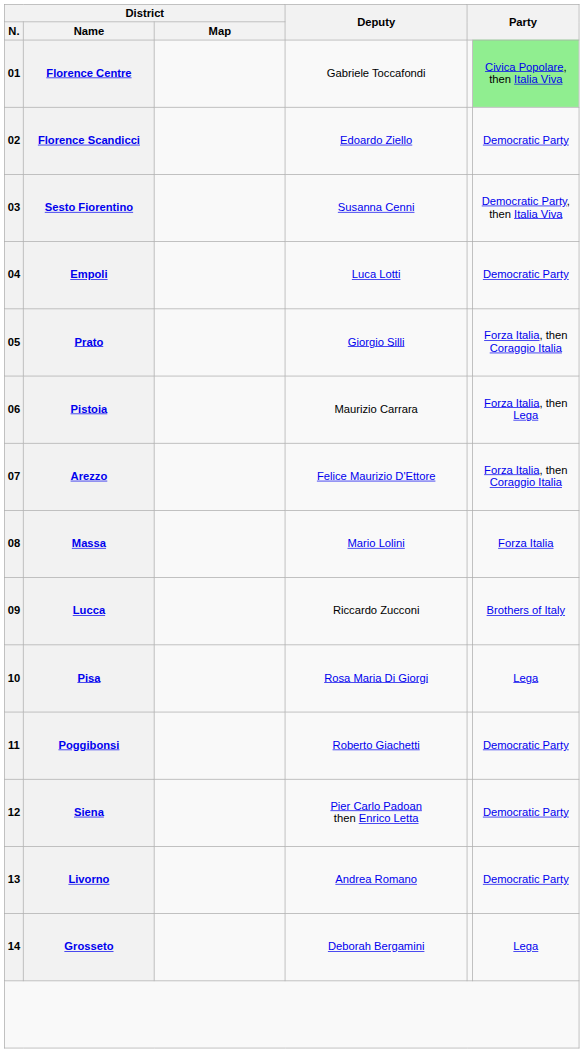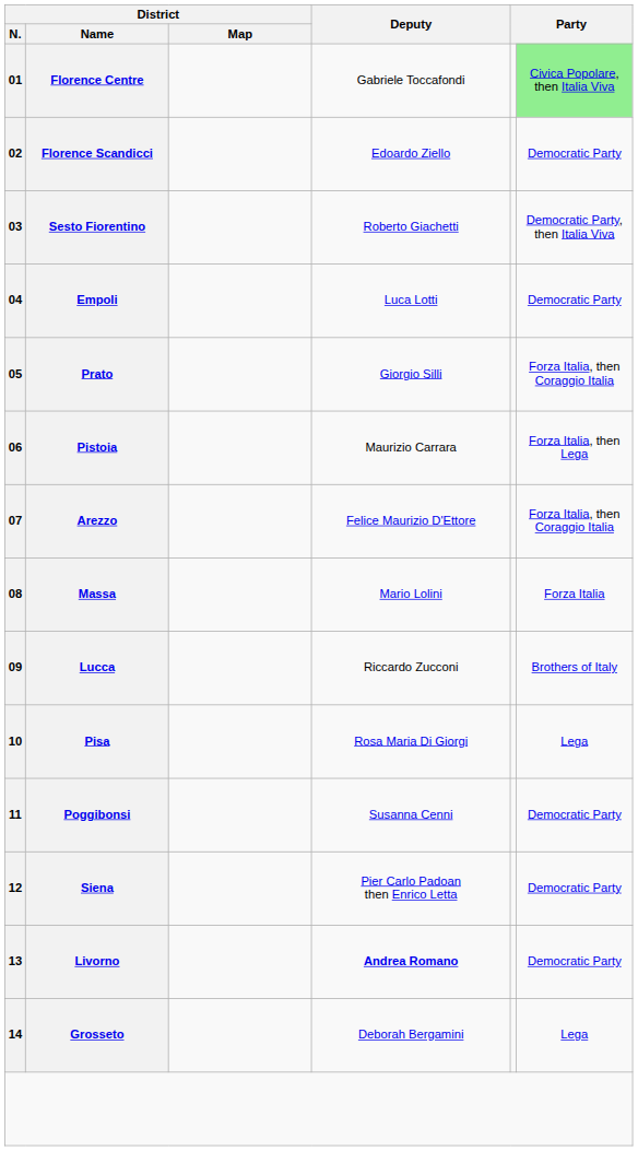 <table class="wikitable" style="text-align:center; style="width=65%">
 <tr>
 <th width=35% colspan="3">District</th>
 <th width=25% rowspan="2">Deputy</th>
 <th width=15% colspan="14" rowspan="2">Party</th>
 </tr>
 <tr>
 <th width=1%>N.</th>
 <th width=18%>Name</th>
 <th width=18%>Map</th>
 </tr>
 <tr style="height:6em;">
 <th>01</th>
 <th><a href='#'>Florence Centre</a></th>
 <td></td>
 <td>Gabriele Toccafondi</td>
 <td style="background:"></td>
 <td style="background: lightgreen;"><a href='#'>Civica Popolare</a>, then <a href='#'>Italia Viva</a></td>
 </tr>
 <tr style="height:6em;">
 <th>02</th>
 <th><a href='#'>Florence Scandicci</a></th>
 <td></td>
 <td><a href='#'>Edoardo Ziello</a></td>
 <td style="background:"></td>
 <td colspan=3><a href='#'>Democratic Party</a></td>
 </tr>
 <tr style="height:6em;">
 <th>03</th>
 <th><a href='#'>Sesto Fiorentino</a></th>
 <td></td>
-<td><a href='#'>Susanna Cenni</a></td>
+<td><a href='#'>Roberto Giachetti</a></td>
 <td style="background:"></td>
 <td colspan=3><a href='#'>Democratic Party</a>, then <a href='#'>Italia Viva</a></td>
 </tr>
 <tr style="height:6em;">
 <th>04</th>
 <th><a href='#'>Empoli</a></th>
 <td></td>
 <td><a href='#'>Luca Lotti</a></td>
 <td style="background:"></td>
 <td colspan=3><a href='#'>Democratic Party</a></td>
 </tr>
 <tr style="height:6em;">
 <th>05</th>
 <th><a href='#'>Prato</a></th>
 <td></td>
 <td><a href='#'>Giorgio Silli</a></td>
 <td style="background:"></td>
 <td colspan=3><a href='#'>Forza Italia</a>, then <a href='#'>Coraggio Italia</a></td>
 </tr>
 <tr style="height:6em;">
 <th>06</th>
 <th><a href='#'>Pistoia</a></th>
 <td></td>
 <td>Maurizio Carrara</td>
 <td style="background:"></td>
 <td colspan=3><a href='#'>Forza Italia</a>, then <a href='#'>Lega</a></td>
 </tr>
 <tr style="height:6em;">
 <th>07</th>
 <th><a href='#'>Arezzo</a></th>
 <td></td>
 <td><a href='#'>Felice Maurizio D'Ettore</a></td>
 <td style="background:"></td>
 <td colspan=3><a href='#'>Forza Italia</a>, then <a href='#'>Coraggio Italia</a></td>
 </tr>
 <tr style="height:6em;">
 <th>08</th>
 <th><a href='#'>Massa</a></th>
 <td></td>
 <td><a href='#'>Mario Lolini</a></td>
 <td style="background:"></td>
 <td colspan=3><a href='#'>Forza Italia</a></td>
 </tr>
 <tr style="height:6em;">
 <th>09</th>
 <th><a href='#'>Lucca</a></th>
 <td></td>
 <td>Riccardo Zucconi</td>
 <td style="background:"></td>
 <td colspan=3><a href='#'>Brothers of Italy</a></td>
 </tr>
 <tr style="height:6em;">
 <th>10</th>
 <th><a href='#'>Pisa</a></th>
 <td></td>
 <td><a href='#'>Rosa Maria Di Giorgi</a></td>
 <td style="background:"></td>
 <td colspan=3><a href='#'>Lega</a></td>
 </tr>
 <tr style="height:6em;">
 <th>11</th>
 <th><a href='#'>Poggibonsi</a></th>
 <td></td>
-<td><a href='#'>Roberto Giachetti</a></td>
+<td><a href='#'>Susanna Cenni</a></td>
 <td style="background:"></td>
 <td colspan=3><a href='#'>Democratic Party</a></td>
 </tr>
 <tr style="height:6em;">
 <th>12</th>
 <th><a href='#'>Siena</a></th>
 <td></td>
 <td><a href='#'>Pier Carlo Padoan</a><br>then <a href='#'>Enrico Letta</a></td>
 <td style="background:"></td>
 <td colspan=3><a href='#'>Democratic Party</a></td>
 </tr>
 <tr style="height:6em;">
 <th>13</th>
 <th><a href='#'>Livorno</a></th>
 <td></td>
-<td><a href='#'>Andrea Romano</a></td>
+<td><strong><a href='#'>Andrea Romano</a></strong></td>
 <td style="background:"></td>
 <td colspan=3><a href='#'>Democratic Party</a></td>
 </tr>
 <tr style="height:6em;">
 <th>14</th>
 <th><a href='#'>Grosseto</a></th>
 <td></td>
 <td><a href='#'>Deborah Bergamini</a></td>
 <td style="background:"></td>
 <td colspan=3><a href='#'>Lega</a></td>
 </tr>
 <tr style="height:6em;">
 </tr>
 </table>
